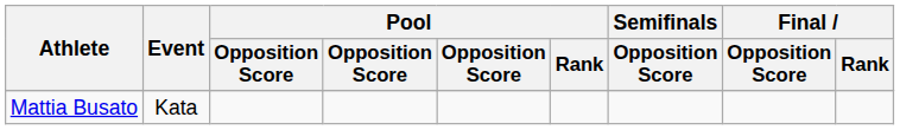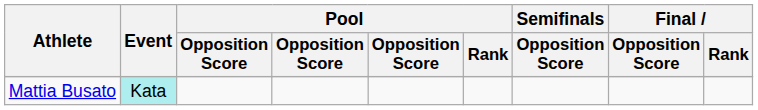 <table class=wikitable style="font-size:90%">
 <tr>
 <th rowspan="2">Athlete</th>
 <th rowspan="2">Event</th>
 <th colspan="4">Pool</th>
 <th>Semifinals</th>
 <th colspan="2">Final / </th>
 </tr>
 <tr style="font-size:95%">
 <th>Opposition<br>Score</th>
 <th>Opposition<br>Score</th>
 <th>Opposition<br>Score</th>
 <th>Rank</th>
 <th>Opposition<br>Score</th>
 <th>Opposition<br>Score</th>
 <th>Rank</th>
 </tr>
 <tr style="font-size:95%">
 </tr>
 <tr align=center>
 <td align=left><a href='#'>Mattia Busato</a></td>
-<td>Kata</td>
+<td style="background: paleturquoise;">Kata</td>
 <td></td>
 <td></td>
 <td></td>
 <td></td>
 <td></td>
 <td></td>
 <td></td>
 </tr>
 </table>
